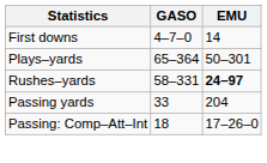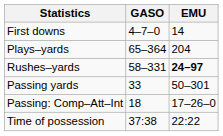 <table class="wikitable">
 <tr>
 <th>Statistics</th>
 <th>GASO</th>
 <th>EMU</th>
 </tr>
 <tr>
 <td>First downs</td>
 <td>4–7–0</td>
 <td>14</td>
 </tr>
 <tr>
 <td>Plays–yards</td>
 <td>65–364</td>
-<td>50–301</td>
+<td>204</td>
 </tr>
 <tr>
 <td>Rushes–yards</td>
 <td>58–331</td>
 <td><strong>24–97</strong></td>
 </tr>
 <tr>
 <td>Passing yards</td>
 <td>33</td>
-<td>204</td>
+<td>50–301</td>
 </tr>
 <tr>
 <td>Passing: Comp–Att–Int</td>
 <td>18</td>
 <td>17–26–0</td>
 </tr>
+<tr>
+<td>Time of possession</td>
+<td>37:38</td>
+<td>22:22</td>
+</tr>
 </table>
